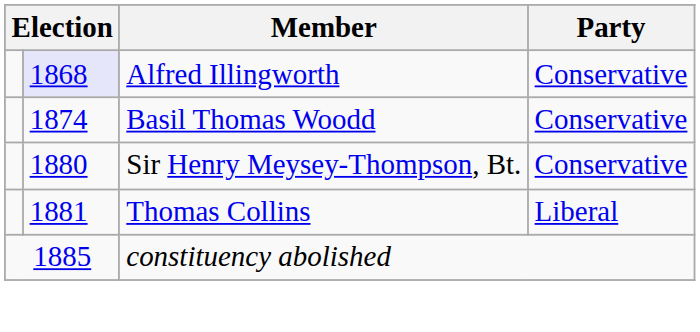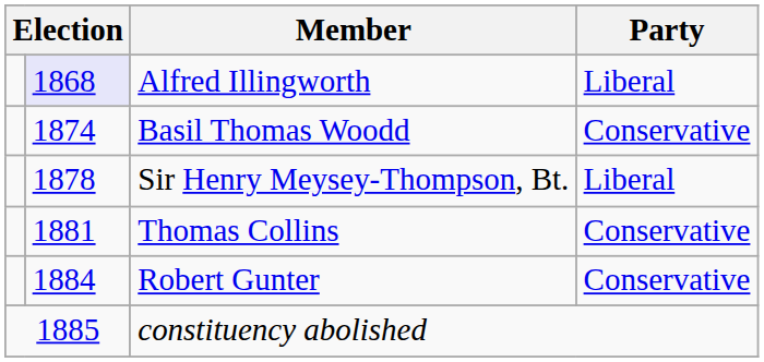 <table class="wikitable">
 <tr>
 <th colspan="2">Election</th>
 <th>Member</th>
 <th>Party</th>
 </tr>
 <tr>
 <td style="color:inherit;background-color: "></td>
 <td style="background: lavender;"><a href='#'>1868</a></td>
 <td><a href='#'>Alfred Illingworth</a></td>
-<td><a href='#'>Conservative</a></td>
+<td><a href='#'>Liberal</a></td>
 </tr>
 <tr>
 <td style="color:inherit;background-color: "></td>
 <td><a href='#'>1874</a></td>
 <td><a href='#'>Basil Thomas Woodd</a></td>
 <td><a href='#'>Conservative</a></td>
 </tr>
 <tr>
 <td style="color:inherit;background-color: "></td>
-<td><a href='#'>1880</a></td>
+<td><a href='#'>1878</a></td>
 <td>Sir <a href='#'>Henry Meysey-Thompson</a>, Bt.</td>
-<td><a href='#'>Conservative</a></td>
+<td><a href='#'>Liberal</a></td>
 </tr>
 <tr>
 <td style="color:inherit;background-color: "></td>
 <td><a href='#'>1881</a></td>
 <td><a href='#'>Thomas Collins</a></td>
-<td><a href='#'>Liberal</a></td>
+<td><a href='#'>Conservative</a></td>
+</tr>
+<tr>
+<td style="color:inherit;background-color: "></td>
+<td><a href='#'>1884</a></td>
+<td><a href='#'>Robert Gunter</a></td>
+<td><a href='#'>Conservative</a></td>
 </tr>
 <tr>
 <td colspan="2" style="text-align:center;"><a href='#'>1885</a></td>
 <td colspan="2"><em>constituency abolished</em></td>
 </tr>
 </table>
